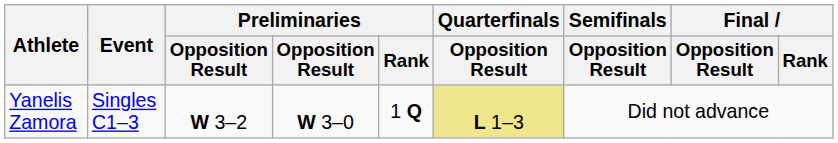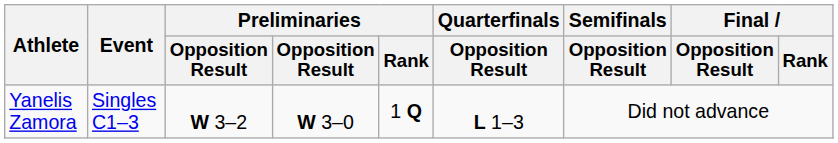 <table class=wikitable style="font-size:90%">
 <tr>
 <th rowspan="2">Athlete</th>
 <th rowspan="2">Event</th>
 <th colspan="3">Preliminaries</th>
 <th>Quarterfinals</th>
 <th>Semifinals</th>
 <th colspan="2">Final / </th>
 </tr>
 <tr style="font-size:95%">
 <th>Opposition<br>Result</th>
 <th>Opposition<br>Result</th>
 <th>Rank</th>
 <th>Opposition<br>Result</th>
 <th>Opposition<br>Result</th>
 <th>Opposition<br>Result</th>
 <th>Rank</th>
 </tr>
 <tr align=center>
 <td align=left><a href='#'>Yanelis Zamora</a></td>
 <td align=left><a href='#'>Singles C1–3</a></td>
 <td><br><strong>W</strong> 3–2</td>
 <td><br><strong>W</strong> 3–0</td>
 <td>1 <strong>Q</strong></td>
-<td style="background: khaki;"><br><strong>L</strong> 1–3</td>
+<td><br><strong>L</strong> 1–3</td>
 <td colspan=3>Did not advance</td>
 </tr>
 </table>
